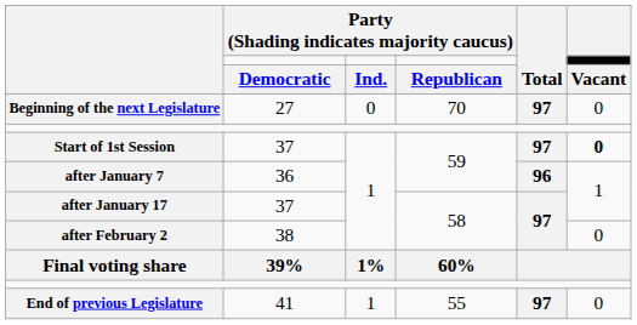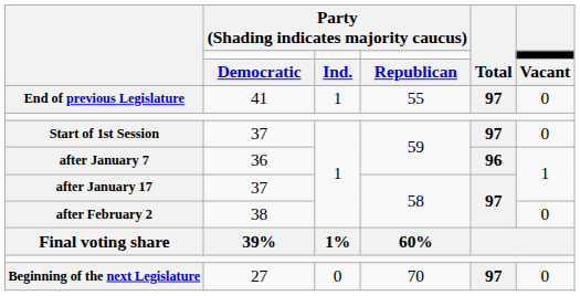 <table class=wikitable style="text-align:center">
 <tr style="vertical-align:bottom;">
 <th rowspan=3></th>
 <th colspan=3>Party <div>(Shading indicates majority caucus)</div></th>
 <th rowspan=3>Total</th>
 <th></th>
 </tr>
 <tr style="height:5px">
 <td style="background-color:"></td>
 <td style="background-color:"></td>
 <td style="background-color:"></td>
 <td style="background:black;"></td>
 </tr>
 <tr>
 <th><a href='#'>Democratic</a></th>
 <th><a href='#'>Ind.</a></th>
 <th><a href='#'>Republican</a></th>
 <th>Vacant</th>
 </tr>
 <tr>
-<th style="font-size:80%;">Beginning of the <a href='#'>next Legislature</a></th>
-<td>27</td>
-<td>0</td>
-<td>70</td>
+<th style="font-size:80%;">End of <a href='#'>previous Legislature</a></th>
+<td>41</td>
+<td>1</td>
+<td>55</td>
 <th>97</th>
 <td>0</td>
 </tr>
 <tr>
 <td colspan=6></td>
 </tr>
 <tr>
 <th style="font-size:80%;">Start of 1st Session</th>
 <td>37</td>
 <td rowspan="4">1</td>
 <td rowspan="2" >59</td>
 <th>97</th>
-<td><strong>0</strong></td>
+<td>0</td>
 </tr>
 <tr>
 <th style="font-size:80%;">after January 7</th>
 <td>36</td>
 <th>96</th>
 <td rowspan="2">1</td>
 </tr>
 <tr>
 <th style="font-size:80%;">after January 17</th>
 <td>37</td>
 <td rowspan="2" >58</td>
 <th rowspan="2">97</th>
 </tr>
 <tr>
 <th style="font-size:80%;">after February 2</th>
 <td>38</td>
 <td>0</td>
 </tr>
 <tr>
 <th>Final voting share</th>
 <th>39%</th>
 <th>1%</th>
 <th>60%</th>
 <th colspan=2></th>
 </tr>
 <tr>
 <td colspan=6></td>
 </tr>
 <tr>
-<th style="font-size:80%;">End of <a href='#'>previous Legislature</a></th>
-<td>41</td>
-<td>1</td>
-<td>55</td>
+<th style="font-size:80%;">Beginning of the <a href='#'>next Legislature</a></th>
+<td>27</td>
+<td>0</td>
+<td>70</td>
 <th>97</th>
 <td>0</td>
 </tr>
 </table>
